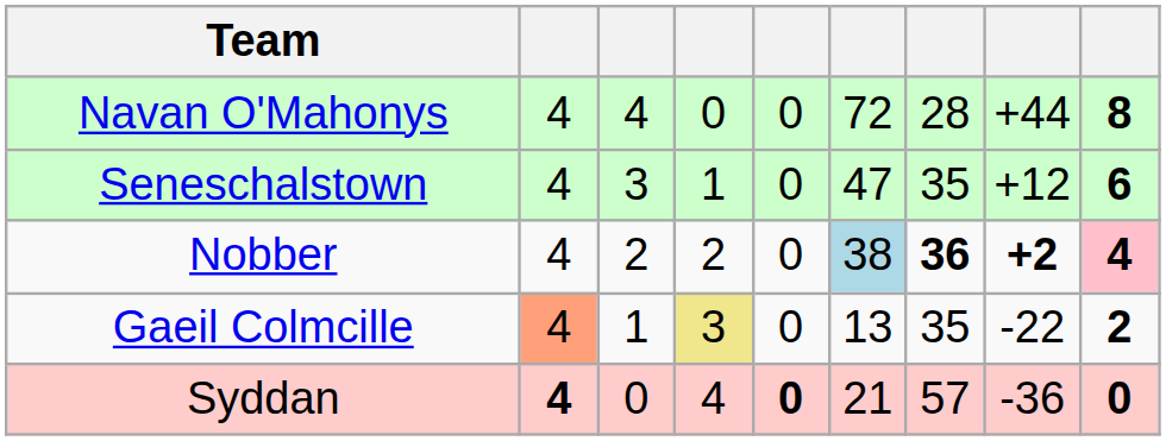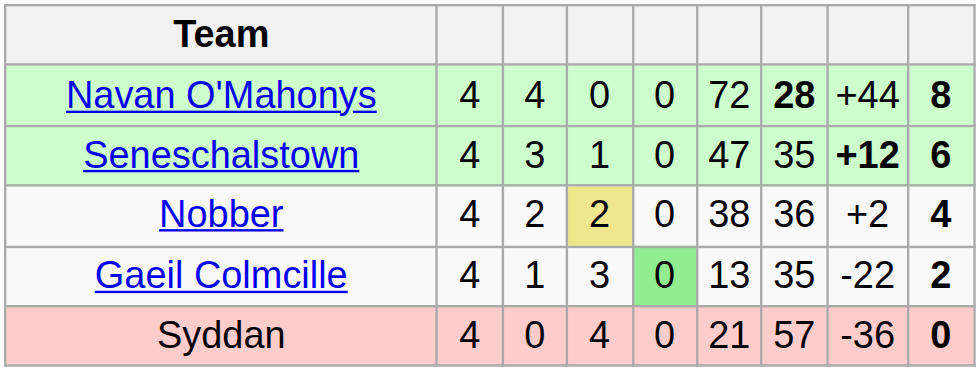 <table class="wikitable" style="text-align:center">
 <tr>
 <th style="width:175px;">Team</th>
 <th width="20"></th>
 <th width="20"></th>
 <th width="20"></th>
 <th width="20"></th>
 <th width="20"></th>
 <th width="20"></th>
 <th width="20"></th>
 <th width="20"></th>
 </tr>
 <tr style="background:#cfc;">
 <td><a href='#'>Navan O'Mahonys</a></td>
 <td>4</td>
 <td>4</td>
 <td>0</td>
 <td>0</td>
 <td>72</td>
-<td>28</td>
+<td><strong>28</strong></td>
 <td>+44</td>
 <td><strong>8</strong></td>
 </tr>
 <tr style="background:#cfc;">
 <td><a href='#'>Seneschalstown</a></td>
 <td>4</td>
 <td>3</td>
 <td>1</td>
 <td>0</td>
 <td>47</td>
 <td>35</td>
-<td>+12</td>
+<td><strong>+12</strong></td>
 <td><strong>6</strong></td>
 </tr>
 <tr>
 <td><a href='#'>Nobber</a></td>
 <td>4</td>
 <td>2</td>
-<td>2</td>
+<td style="background: khaki;">2</td>
 <td>0</td>
-<td style="background: lightblue;">38</td>
-<td><strong>36</strong></td>
-<td><strong>+2</strong></td>
-<td style="background: pink;"><strong>4</strong></td>
+<td>38</td>
+<td>36</td>
+<td>+2</td>
+<td><strong>4</strong></td>
 </tr>
 <tr>
 <td><a href='#'>Gaeil Colmcille</a></td>
-<td style="background: lightsalmon;">4</td>
+<td>4</td>
 <td>1</td>
-<td style="background: khaki;">3</td>
-<td>0</td>
+<td>3</td>
+<td style="background: lightgreen;">0</td>
 <td>13</td>
 <td>35</td>
 <td>-22</td>
 <td><strong>2</strong></td>
 </tr>
 <tr style="background:#fcc;">
 <td>Syddan</td>
-<td><strong>4</strong></td>
+<td>4</td>
 <td>0</td>
 <td>4</td>
-<td><strong>0</strong></td>
+<td>0</td>
 <td>21</td>
 <td>57</td>
 <td>-36</td>
 <td><strong>0</strong></td>
 </tr>
 </table>
